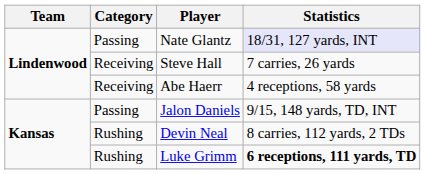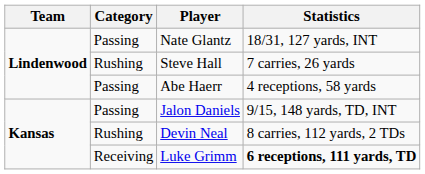 <table class="wikitable" style="float: right;">
 <tr>
 <th>Team</th>
 <th>Category</th>
 <th>Player</th>
 <th>Statistics</th>
 </tr>
 <tr>
 <td rowspan=3><strong>Lindenwood</strong></td>
 <td>Passing</td>
 <td>Nate Glantz</td>
-<td style="background: lavender;">18/31, 127 yards, INT</td>
+<td>18/31, 127 yards, INT</td>
 </tr>
 <tr>
-<td>Receiving</td>
+<td>Rushing</td>
 <td>Steve Hall</td>
 <td>7 carries, 26 yards</td>
 </tr>
 <tr>
-<td>Receiving</td>
+<td>Passing</td>
 <td>Abe Haerr</td>
 <td>4 receptions, 58 yards</td>
 </tr>
 <tr>
 <td rowspan=3><strong>Kansas</strong></td>
 <td>Passing</td>
 <td><a href='#'>Jalon Daniels</a></td>
 <td>9/15, 148 yards, TD, INT</td>
 </tr>
 <tr>
 <td>Rushing</td>
 <td><a href='#'>Devin Neal</a></td>
 <td>8 carries, 112 yards, 2 TDs</td>
 </tr>
 <tr>
-<td>Rushing</td>
+<td>Receiving</td>
 <td><a href='#'>Luke Grimm</a></td>
 <td><strong>6 receptions, 111 yards, TD</strong></td>
 </tr>
 </table>
